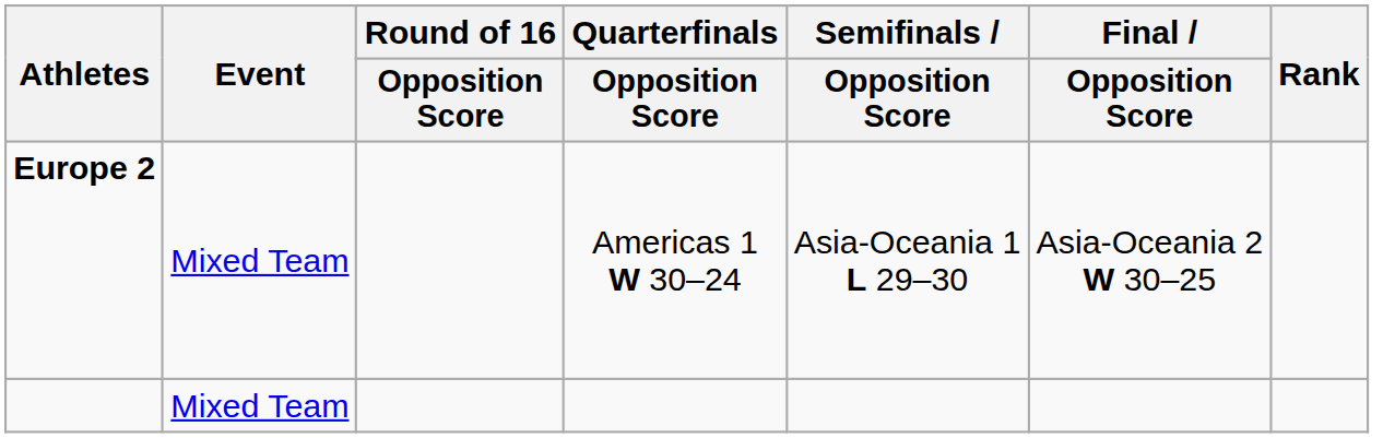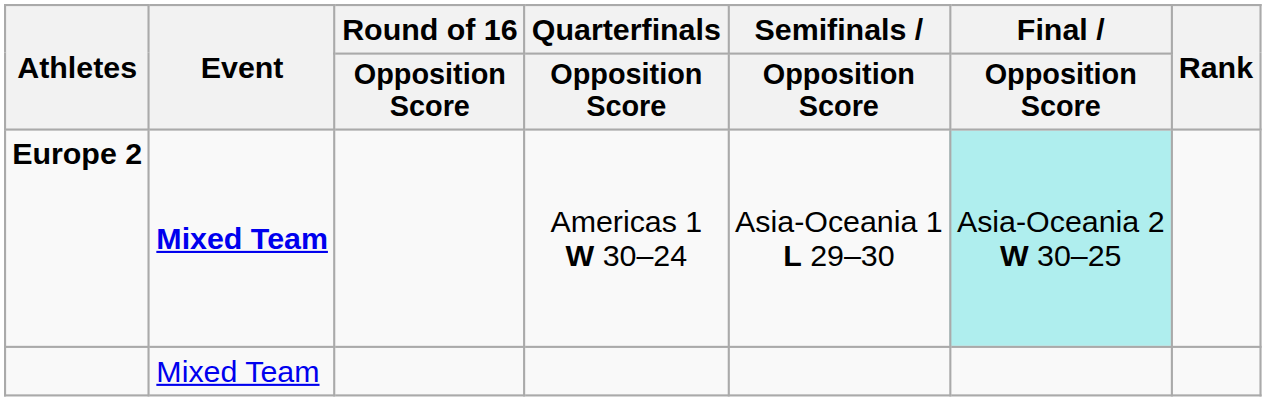 <table class=wikitable style="font-size:90%">
 <tr>
 <th rowspan="2">Athletes</th>
 <th rowspan="2">Event</th>
 <th>Round of 16</th>
 <th>Quarterfinals</th>
 <th>Semifinals / </th>
 <th>Final / </th>
 <th rowspan=2>Rank</th>
 </tr>
 <tr style="font-size:95%">
 <th>Opposition<br>Score</th>
 <th>Opposition<br>Score</th>
 <th>Opposition<br>Score</th>
 <th>Opposition<br>Score</th>
 </tr>
 <tr align=center>
 <td align=left><strong>Europe 2</strong> <br>  <br>  <br>  <br>  <br>  <br> </td>
-<td align=left><a href='#'>Mixed Team</a></td>
+<td align=left><strong><a href='#'>Mixed Team</a></strong></td>
 <td></td>
 <td>Americas 1<br><strong>W</strong> 30–24</td>
 <td>Asia-Oceania 1<br><strong>L</strong> 29–30</td>
-<td>Asia-Oceania 2<br><strong>W</strong> 30–25</td>
+<td style="background: paleturquoise;">Asia-Oceania 2<br><strong>W</strong> 30–25</td>
 <td></td>
 </tr>
 <tr align=center>
 <td align=left></td>
 <td align=left><a href='#'>Mixed Team</a></td>
 <td></td>
 <td></td>
 <td></td>
 <td></td>
 <td></td>
 </tr>
 </table>
